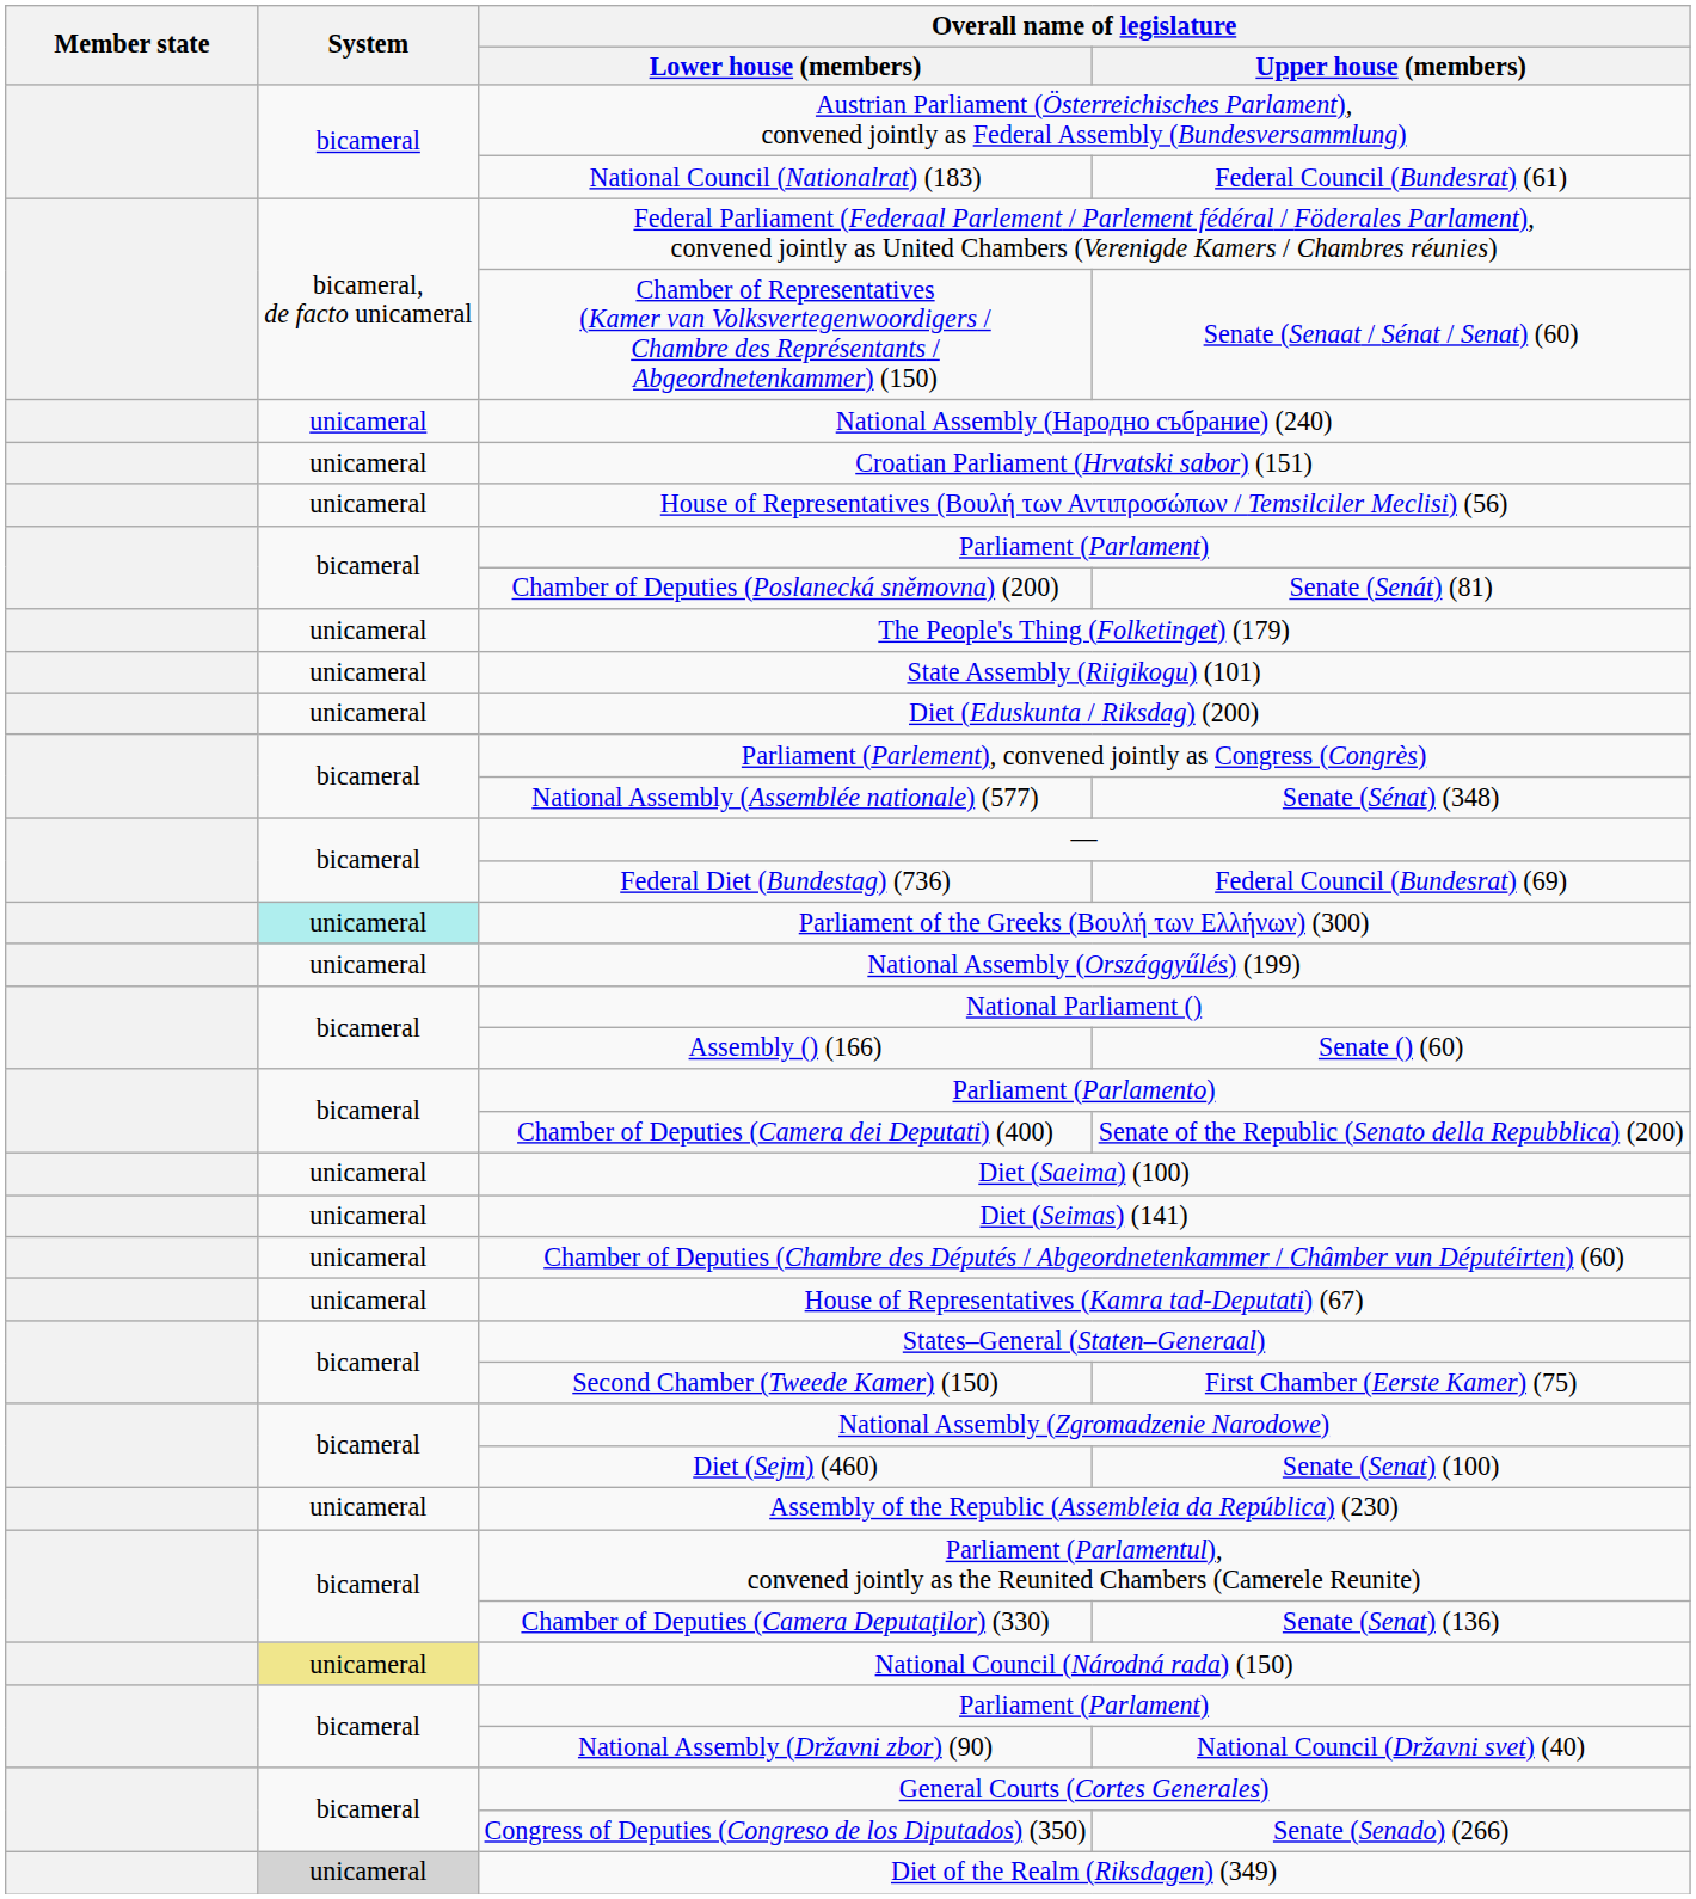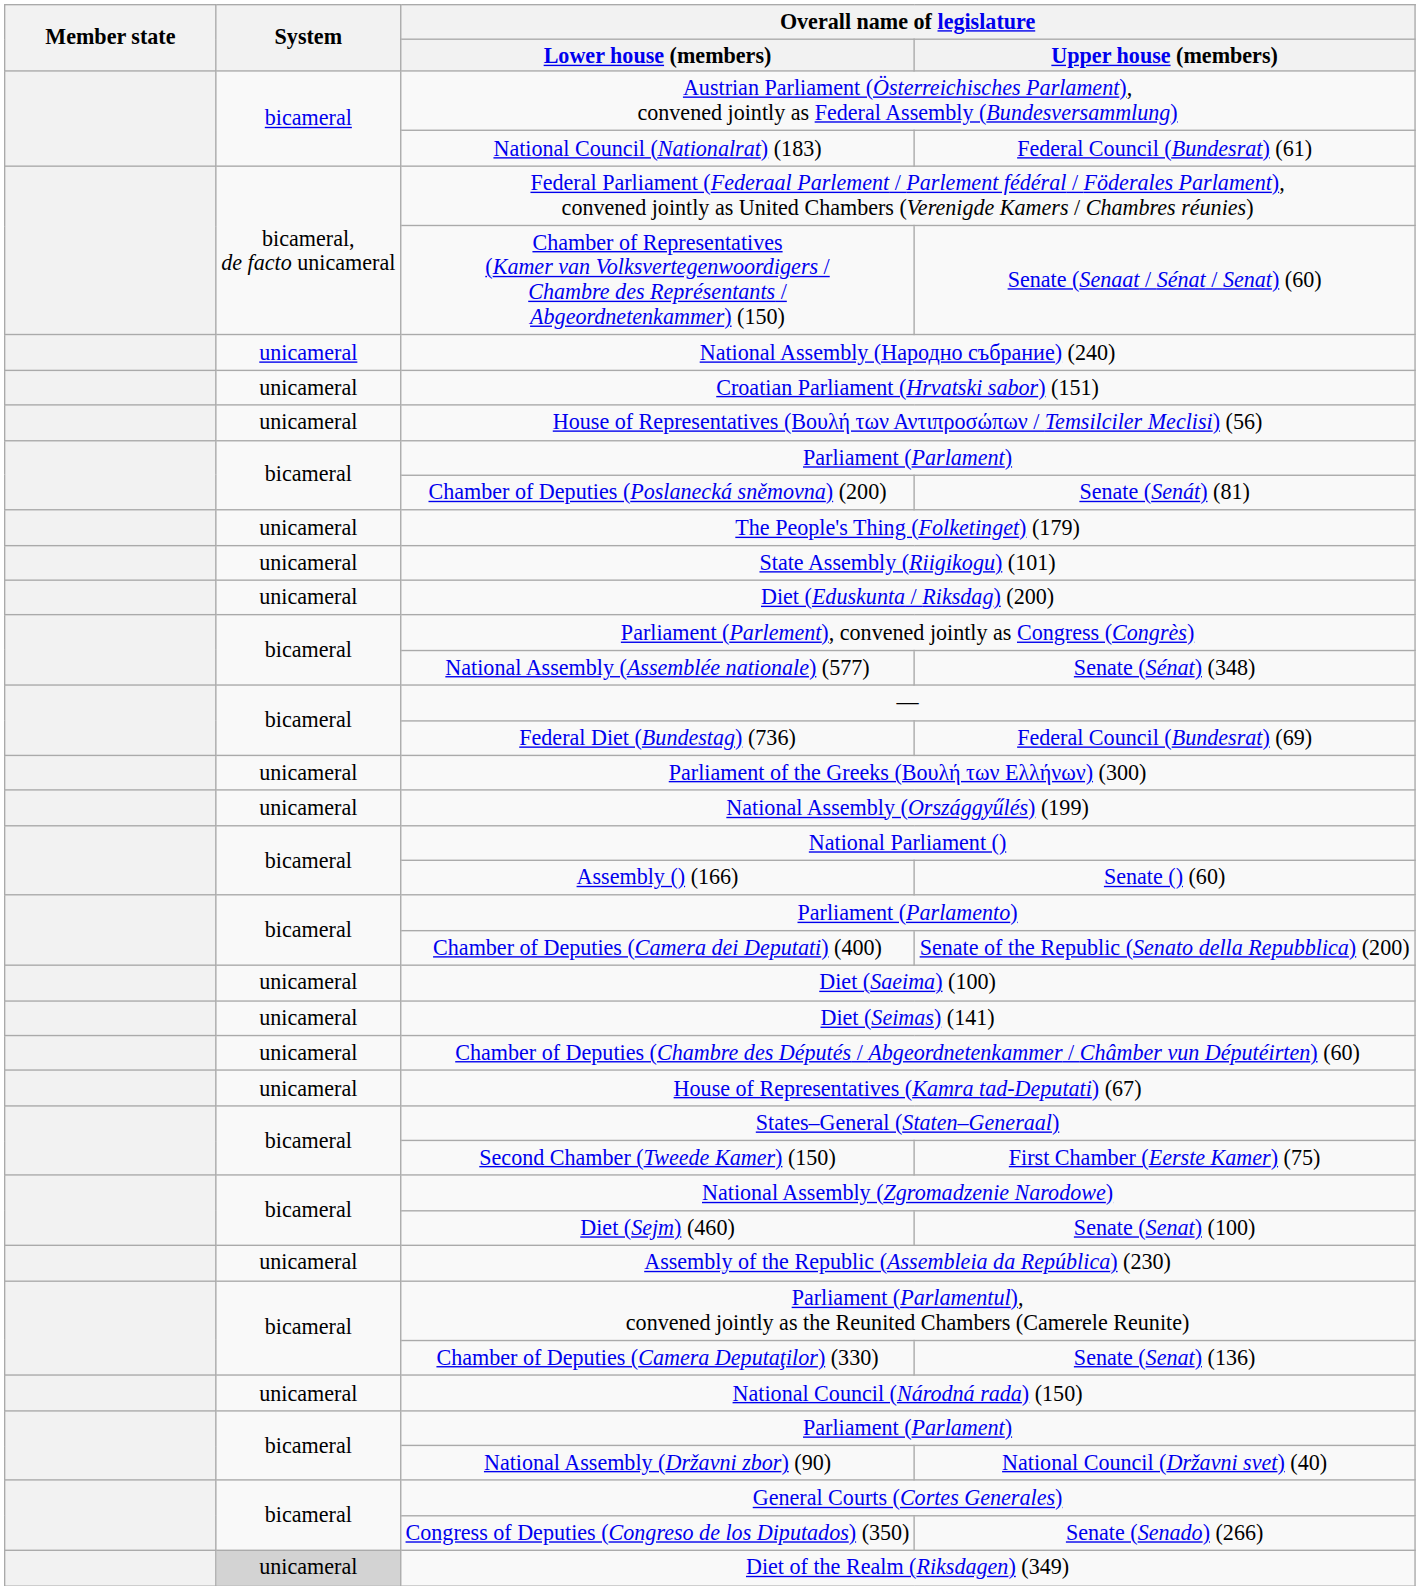 <table class="wikitable" style="font-size:100%; white-space:nowrap; text-align:center; align:center">
 <tr>
 <th style="width:15%" rowspan="2">Member state</th>
 <th rowspan="2">System</th>
 <th colspan="2">Overall name of <a href='#'>legislature</a></th>
 </tr>
 <tr>
 <th style="line-height:95%"><a href='#'>Lower house</a> (members)</th>
 <th style="line-height:95%"><a href='#'>Upper house</a> (members)</th>
 </tr>
 <tr>
 <th rowspan="2" style="text-align:left"></th>
 <td rowspan="2"><a href='#'>bicameral</a></td>
 <td colspan="2"><a href='#'>Austrian Parliament (<em>Österreichisches Parlament</em>)</a>,<br>convened jointly as <a href='#'>Federal Assembly (<em>Bundesversammlung</em>)</a></td>
 </tr>
 <tr>
 <td><a href='#'>National Council (<em>Nationalrat</em>)</a> (183)</td>
 <td><a href='#'>Federal Council (<em>Bundesrat</em>)</a> (61)</td>
 </tr>
 <tr>
 <th rowspan="2" style="text-align:left"></th>
 <td rowspan="2">bicameral,<br><em>de facto</em> unicameral</td>
 <td colspan="2"><a href='#'>Federal Parliament (<em>Federaal Parlement</em> / <em>Parlement fédéral</em> / <em>Föderales Parlament</em>)</a>,<br>convened jointly as United Chambers (<em>Verenigde Kamers</em> / <em>Chambres réunies</em>)</td>
 </tr>
 <tr>
 <td><a href='#'>Chamber of Representatives<br>(<em>Kamer van Volksvertegenwoordigers</em> /<br><em>Chambre des Représentants</em> /<br><em>Abgeordnetenkammer</em>)</a> (150)</td>
 <td><a href='#'>Senate (<em>Senaat</em> / <em>Sénat</em> / <em>Senat</em>)</a> (60)</td>
 </tr>
 <tr>
 <th style="text-align:left"></th>
 <td><a href='#'>unicameral</a></td>
 <td colspan="2"><a href='#'>National Assembly (Народно събрание)</a> (240)</td>
 </tr>
 <tr>
 <th style="text-align:left"></th>
 <td>unicameral</td>
 <td colspan="2"><a href='#'>Croatian Parliament (<em>Hrvatski sabor</em>)</a> (151)</td>
 </tr>
 <tr>
 <th style="text-align:left"></th>
 <td>unicameral</td>
 <td colspan="2"><a href='#'>House of Representatives (Βουλή των Αντιπροσώπων / <em>Temsilciler Meclisi</em>)</a> (56)</td>
 </tr>
 <tr>
 <th rowspan="2" style="text-align:left"></th>
 <td rowspan="2">bicameral</td>
 <td colspan="2"><a href='#'>Parliament (<em>Parlament</em>)</a></td>
 </tr>
 <tr>
 <td><a href='#'>Chamber of Deputies (<em>Poslanecká sněmovna</em>)</a> (200)</td>
 <td><a href='#'>Senate (<em>Senát</em>)</a> (81)</td>
 </tr>
 <tr>
 <th style="text-align:left"></th>
 <td>unicameral</td>
 <td colspan="2"><a href='#'>The People's Thing (<em>Folketinget</em>)</a> (179)</td>
 </tr>
 <tr>
 <th style="text-align:left"></th>
 <td>unicameral</td>
 <td colspan="2"><a href='#'>State Assembly (<em>Riigikogu</em>)</a> (101)</td>
 </tr>
 <tr>
 <th style="text-align:left"></th>
 <td>unicameral</td>
 <td colspan="2"><a href='#'>Diet (<em>Eduskunta</em> / <em>Riksdag</em>)</a> (200)</td>
 </tr>
 <tr>
 <th rowspan="2" style="text-align:left"></th>
 <td rowspan="2">bicameral</td>
 <td colspan="2"><a href='#'>Parliament (<em>Parlement</em>)</a>, convened jointly as <a href='#'>Congress (<em>Congrès</em>)</a></td>
 </tr>
 <tr>
 <td><a href='#'>National Assembly (<em>Assemblée nationale</em>)</a> (577)</td>
 <td><a href='#'>Senate (<em>Sénat</em>)</a> (348)</td>
 </tr>
 <tr>
 <th rowspan="2" style="text-align:left"></th>
 <td rowspan="2">bicameral</td>
 <td colspan="2">—</td>
 </tr>
 <tr>
 <td><a href='#'>Federal Diet (<em>Bundestag</em>)</a> (736)</td>
 <td><a href='#'>Federal Council (<em>Bundesrat</em>)</a> (69)</td>
 </tr>
 <tr>
 <th style="text-align:left"></th>
-<td style="background: paleturquoise;">unicameral</td>
+<td>unicameral</td>
 <td colspan="2"><a href='#'>Parliament of the Greeks (Βουλή των Ελλήνων)</a> (300)</td>
 </tr>
 <tr>
 <th style="text-align:left"></th>
 <td>unicameral</td>
 <td colspan="2"><a href='#'>National Assembly (<em>Országgyűlés</em>)</a> (199)</td>
 </tr>
 <tr>
 <th rowspan="2" style="text-align:left"></th>
 <td rowspan="2">bicameral</td>
 <td colspan="2"><a href='#'>National Parliament ()</a></td>
 </tr>
 <tr>
 <td><a href='#'>Assembly ()</a> (166)</td>
 <td><a href='#'>Senate ()</a> (60)</td>
 </tr>
 <tr>
 <th rowspan="2" style="text-align:left"></th>
 <td rowspan="2">bicameral</td>
 <td colspan="2"><a href='#'>Parliament (<em>Parlamento</em>)</a></td>
 </tr>
 <tr>
 <td><a href='#'>Chamber of Deputies (<em>Camera dei Deputati</em>)</a> (400)</td>
 <td><a href='#'>Senate of the Republic (<em>Senato della Repubblica</em>)</a> (200)</td>
 </tr>
 <tr>
 <th style="text-align:left"></th>
 <td>unicameral</td>
 <td colspan="2"><a href='#'>Diet (<em>Saeima</em>)</a> (100)</td>
 </tr>
 <tr>
 <th style="text-align:left"></th>
 <td>unicameral</td>
 <td colspan="2"><a href='#'>Diet (<em>Seimas</em>)</a> (141)</td>
 </tr>
 <tr>
 <th style="text-align:left"></th>
 <td>unicameral</td>
 <td colspan="2"><a href='#'>Chamber of Deputies (<em>Chambre des Députés</em> / <em>Abgeordnetenkammer</em> / <em>Châmber vun Députéirten</em>)</a> (60)</td>
 </tr>
 <tr>
 <th style="text-align:left"></th>
 <td>unicameral</td>
 <td colspan="2"><a href='#'>House of Representatives (<em>Kamra tad-Deputati</em>)</a> (67)</td>
 </tr>
 <tr>
 <th rowspan="2" style="text-align:left"></th>
 <td rowspan="2">bicameral</td>
 <td colspan="2"><a href='#'>States–General (<em>Staten–Generaal</em>)</a></td>
 </tr>
 <tr>
 <td><a href='#'>Second Chamber (<em>Tweede Kamer</em>)</a> (150)</td>
 <td><a href='#'>First Chamber (<em>Eerste Kamer</em>)</a> (75)</td>
 </tr>
 <tr>
 <th rowspan="2" style="text-align:left"></th>
 <td rowspan="2">bicameral</td>
 <td colspan="2"><a href='#'>National Assembly (<em>Zgromadzenie Narodowe</em>)</a></td>
 </tr>
 <tr>
 <td><a href='#'>Diet (<em>Sejm</em>)</a> (460)</td>
 <td><a href='#'>Senate (<em>Senat</em>)</a> (100)</td>
 </tr>
 <tr>
 <th style="text-align:left"></th>
 <td>unicameral</td>
 <td colspan="2"><a href='#'>Assembly of the Republic (<em>Assembleia da República</em>)</a> (230)</td>
 </tr>
 <tr>
 <th rowspan="2" style="text-align:left"></th>
 <td rowspan="2">bicameral</td>
 <td colspan="2"><a href='#'>Parliament (<em>Parlamentul</em>)</a>,<br>convened jointly as the Reunited Chambers (Camerele Reunite)</td>
 </tr>
 <tr>
 <td><a href='#'>Chamber of Deputies (<em>Camera Deputaţilor</em>)</a> (330)</td>
 <td><a href='#'>Senate (<em>Senat</em>)</a> (136)</td>
 </tr>
 <tr>
 <th style="text-align:left"></th>
-<td style="background: khaki;">unicameral</td>
+<td>unicameral</td>
 <td colspan="2"><a href='#'>National Council (<em>Národná rada</em>)</a> (150)</td>
 </tr>
 <tr>
 <th rowspan="2" style="text-align:left"></th>
 <td rowspan="2">bicameral</td>
 <td colspan="2"><a href='#'>Parliament (<em>Parlament</em>)</a></td>
 </tr>
 <tr>
 <td><a href='#'>National Assembly (<em>Državni zbor</em>)</a> (90)</td>
 <td><a href='#'>National Council (<em>Državni svet</em>)</a> (40)</td>
 </tr>
 <tr>
 <th rowspan="2" style="text-align:left"></th>
 <td rowspan="2">bicameral</td>
 <td colspan="2"><a href='#'>General Courts (<em>Cortes Generales</em>)</a></td>
 </tr>
 <tr>
 <td><a href='#'>Congress of Deputies (<em>Congreso de los Diputados</em>)</a> (350)</td>
 <td><a href='#'>Senate (<em>Senado</em>)</a> (266)</td>
 </tr>
 <tr>
 <th style="text-align:left"></th>
 <td style="background: lightgrey;">unicameral</td>
 <td colspan="2"><a href='#'>Diet of the Realm (<em>Riksdagen</em>)</a> (349)</td>
 </tr>
 </table>
